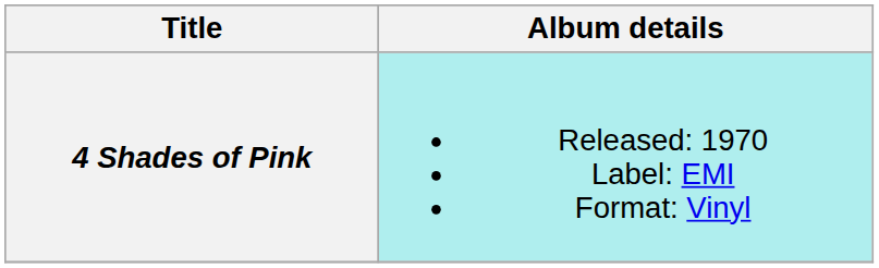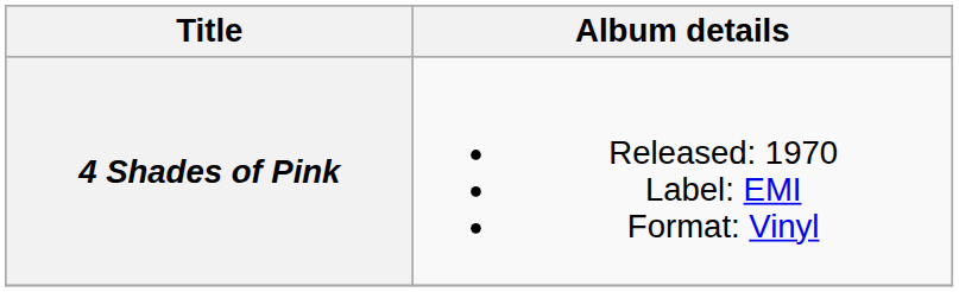 <table class="wikitable plainrowheaders" style="text-align:center;" border="1">
 <tr>
 <th scope="col" rowspan="1" style="width:12em;">Title</th>
 <th scope="col" rowspan="1" style="width:16em;">Album details</th>
 </tr>
 <tr>
 <th scope="row"><em>4 Shades of Pink</em></th>
-<td style="background: paleturquoise;"><br><ul><li>Released: 1970</li><li>Label: <a href='#'>EMI</a></li><li>Format: <a href='#'>Vinyl</a></li></ul></td>
+<td><br><ul><li>Released: 1970</li><li>Label: <a href='#'>EMI</a></li><li>Format: <a href='#'>Vinyl</a></li></ul></td>
 </tr>
 <tr>
 </tr>
 </table>
